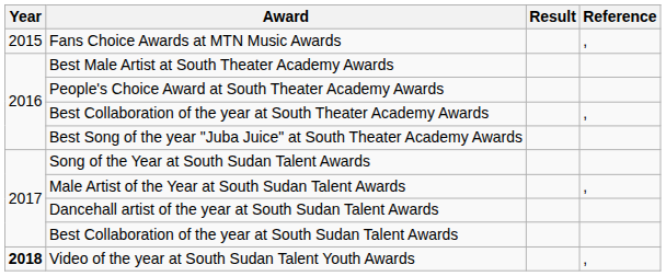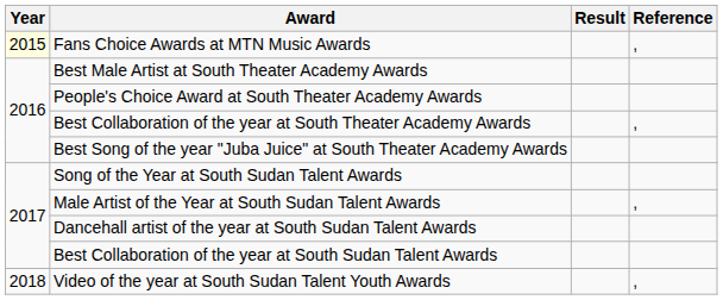 <table class="wikitable">
 <tr>
 <th>Year</th>
 <th>Award</th>
 <th>Result</th>
 <th>Reference</th>
 </tr>
 <tr>
-<td>2015</td>
+<td style="background: lightyellow;">2015</td>
 <td>Fans Choice Awards at MTN Music Awards</td>
 <td></td>
 <td>,</td>
 </tr>
 <tr>
 <td rowspan="4">2016</td>
 <td>Best Male Artist at South Theater Academy Awards</td>
 <td></td>
 <td></td>
 </tr>
 <tr>
 <td>People's Choice Award at South Theater Academy Awards</td>
 <td></td>
 <td></td>
 </tr>
 <tr>
 <td>Best Collaboration of the year at South Theater Academy Awards</td>
 <td></td>
 <td>,</td>
 </tr>
 <tr>
 <td>Best Song of the year "Juba Juice" at South Theater Academy Awards</td>
 <td></td>
 <td></td>
 </tr>
 <tr>
 <td rowspan="4">2017</td>
 <td>Song of the Year at South Sudan Talent Awards</td>
 <td></td>
 <td></td>
 </tr>
 <tr>
 <td>Male Artist of the Year at South Sudan Talent Awards</td>
 <td></td>
 <td>,</td>
 </tr>
 <tr>
 <td>Dancehall artist of the year at South Sudan Talent Awards</td>
 <td></td>
 <td></td>
 </tr>
 <tr>
 <td>Best Collaboration of the year at South Sudan Talent Awards</td>
 <td></td>
 <td></td>
 </tr>
 <tr>
-<td><strong>2018</strong></td>
+<td>2018</td>
 <td>Video of the year at South Sudan Talent Youth Awards</td>
 <td></td>
 <td>,</td>
 </tr>
 </table>
